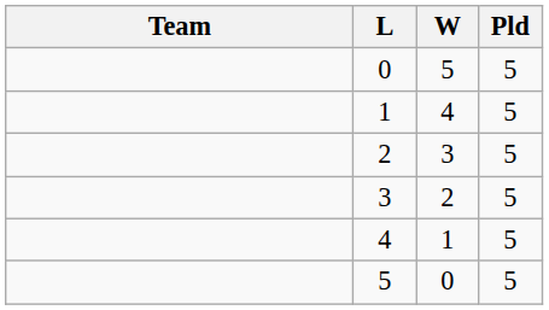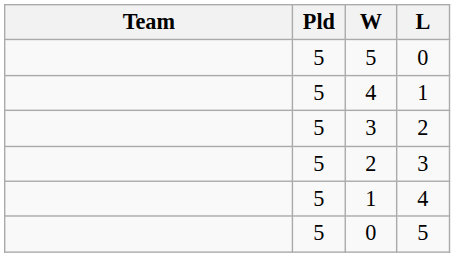 <table class=wikitable style="text-align:center">
 <tr>
 <th width=200>Team</th>
+<th width=30>Pld</th>
+<th width=30>W</th>
 <th width=30>L</th>
-<th width=30>W</th>
-<th width=30>Pld</th>
 </tr>
 <tr>
 <td style="text-align:left"></td>
-<td>0</td>
 <td>5</td>
 <td>5</td>
+<td>0</td>
 </tr>
 <tr>
 <td style="text-align:left"></td>
+<td>5</td>
+<td>4</td>
 <td>1</td>
-<td>4</td>
-<td>5</td>
 </tr>
 <tr>
 <td style="text-align:left"></td>
+<td>5</td>
+<td>3</td>
 <td>2</td>
-<td>3</td>
-<td>5</td>
 </tr>
 <tr>
 <td style="text-align:left"></td>
+<td>5</td>
+<td>2</td>
 <td>3</td>
-<td>2</td>
-<td>5</td>
 </tr>
 <tr>
 <td style="text-align:left"></td>
+<td>5</td>
+<td>1</td>
 <td>4</td>
-<td>1</td>
-<td>5</td>
 </tr>
 <tr>
 <td style="text-align:left"></td>
 <td>5</td>
 <td>0</td>
 <td>5</td>
 </tr>
 </table>
